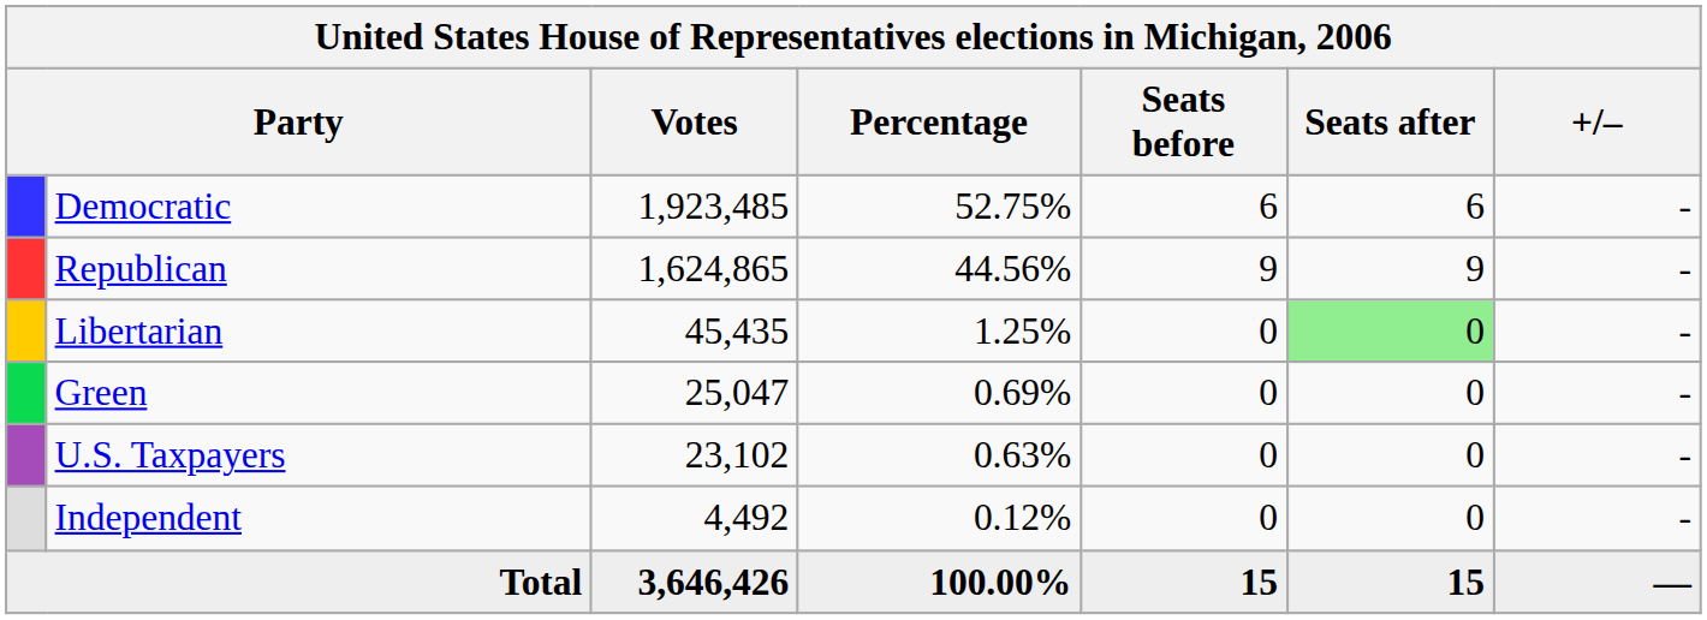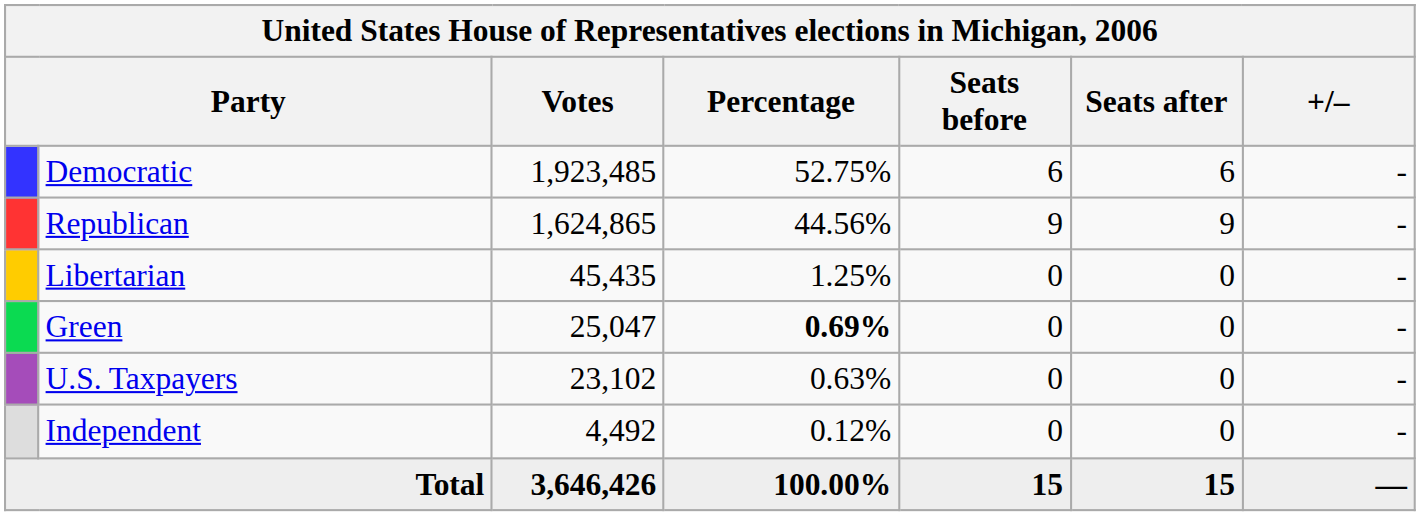 <table class="wikitable" style="font-size: 95%;">
 <tr>
 <th colspan="7">United States House of Representatives elections in Michigan, 2006</th>
 </tr>
 <tr>
 <th colspan=2 style="width: 15em">Party</th>
 <th style="width: 5em">Votes</th>
 <th style="width: 7em">Percentage</th>
 <th style="width: 5em">Seats before</th>
 <th style="width: 5em">Seats after</th>
 <th style="width: 5em">+/–</th>
 </tr>
 <tr>
 <th style="background-color:#3333FF; width: 3px"></th>
 <td style="width: 130px"><a href='#'>Democratic</a></td>
 <td align="right">1,923,485</td>
 <td align="right">52.75%</td>
 <td align="right">6</td>
 <td align="right">6</td>
 <td align="right">-</td>
 </tr>
 <tr>
 <th style="background-color:#FF3333; width: 3px"></th>
 <td style="width: 130px"><a href='#'>Republican</a></td>
 <td align="right">1,624,865</td>
 <td align="right">44.56%</td>
 <td align="right">9</td>
 <td align="right">9</td>
 <td align="right">-</td>
 </tr>
 <tr>
 <th style="background-color:#FFCC00; width: 3px"></th>
 <td style="width: 130px"><a href='#'>Libertarian</a></td>
 <td align="right">45,435</td>
 <td align="right">1.25%</td>
 <td align="right">0</td>
-<td align="right" style="background: lightgreen;">0</td>
+<td align="right">0</td>
 <td align="right">-</td>
 </tr>
 <tr>
 <th style="background-color:#0BDA51; width: 3px"></th>
 <td style="width: 130px"><a href='#'>Green</a></td>
 <td align="right">25,047</td>
-<td align="right">0.69%</td>
+<td align="right"><strong>0.69%</strong></td>
 <td align="right">0</td>
 <td align="right">0</td>
 <td align="right">-</td>
 </tr>
 <tr>
 <th style="background-color:#A54CBA; width: 3px"></th>
 <td style="width: 130px"><a href='#'>U.S. Taxpayers</a></td>
 <td align="right">23,102</td>
 <td align="right">0.63%</td>
 <td align="right">0</td>
 <td align="right">0</td>
 <td align="right">-</td>
 </tr>
 <tr>
 <th style="background-color:#DDDDDD; width: 3px"></th>
 <td style="width: 130px"><a href='#'>Independent</a></td>
 <td align="right">4,492</td>
 <td align="right">0.12%</td>
 <td align="right">0</td>
 <td align="right">0</td>
 <td align="right">-</td>
 </tr>
 <tr bgcolor="#EEEEEE">
 <td colspan="2" align="right"><strong>Total</strong></td>
 <td align="right"><strong>3,646,426</strong></td>
 <td align="right"><strong>100.00%</strong></td>
 <td align="right"><strong>15</strong></td>
 <td align="right"><strong>15</strong></td>
 <td align="right"><strong>—</strong></td>
 </tr>
 </table>
